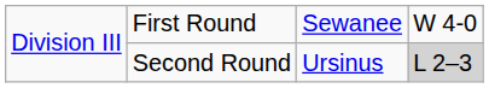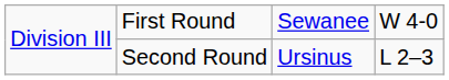 <table class="wikitable">
 <tr>
 <td rowspan="2"><a href='#'>Division III</a></td>
 <td>First Round</td>
 <td><a href='#'>Sewanee</a></td>
 <td>W 4-0</td>
 </tr>
 <tr>
 <td>Second Round</td>
 <td><a href='#'>Ursinus</a></td>
-<td style="background: lightgrey;">L 2–3</td>
+<td>L 2–3</td>
 </tr>
 </table>
